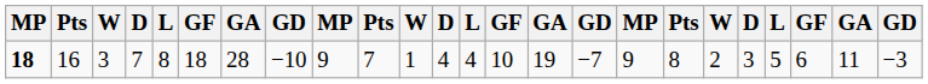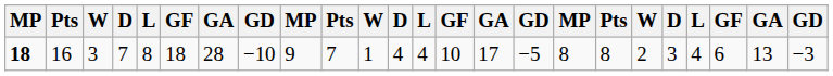 <table class="wikitable">
 <tr>
 <th>MP</th>
 <th>Pts</th>
 <th>W</th>
 <th>D</th>
 <th>L</th>
 <th>GF</th>
 <th>GA</th>
 <th>GD</th>
 <th>MP</th>
 <th>Pts</th>
 <th>W</th>
 <th>D</th>
 <th>L</th>
 <th>GF</th>
 <th>GA</th>
 <th>GD</th>
 <th>MP</th>
 <th>Pts</th>
 <th>W</th>
 <th>D</th>
 <th>L</th>
 <th>GF</th>
 <th>GA</th>
 <th>GD</th>
 </tr>
 <tr>
 <td><strong>18</strong></td>
 <td>16</td>
 <td>3</td>
 <td>7</td>
 <td>8</td>
 <td>18</td>
 <td>28</td>
 <td>−10</td>
 <td>9</td>
 <td>7</td>
 <td>1</td>
 <td>4</td>
 <td>4</td>
 <td>10</td>
-<td>19</td>
-<td>−7</td>
-<td>9</td>
+<td>17</td>
+<td>−5</td>
+<td>8</td>
 <td>8</td>
 <td>2</td>
 <td>3</td>
-<td>5</td>
+<td>4</td>
 <td>6</td>
-<td>11</td>
+<td>13</td>
 <td>−3</td>
 </tr>
 </table>
